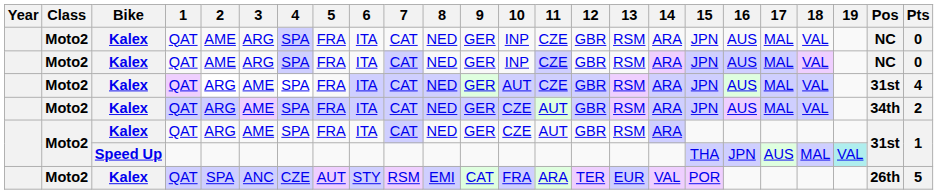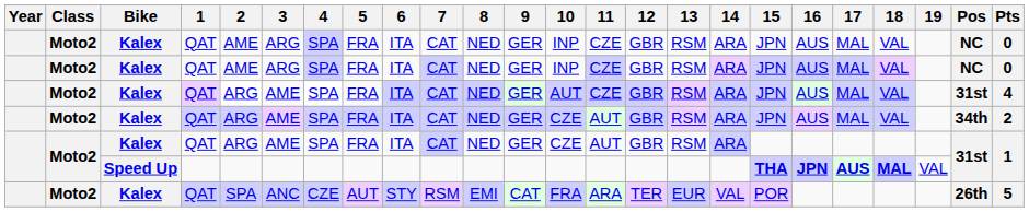 <table class="wikitable" style="text-align:center">
 <tr>
 <th>Year</th>
 <th>Class</th>
 <th>Bike</th>
 <th>1</th>
 <th>2</th>
 <th>3</th>
 <th>4</th>
 <th>5</th>
 <th>6</th>
 <th>7</th>
 <th>8</th>
 <th>9</th>
 <th>10</th>
 <th>11</th>
 <th>12</th>
 <th>13</th>
 <th>14</th>
 <th>15</th>
 <th>16</th>
 <th>17</th>
 <th>18</th>
 <th>19</th>
 <th>Pos</th>
 <th>Pts</th>
 </tr>
 <tr>
 <th></th>
 <th>Moto2</th>
 <th><a href='#'>Kalex</a></th>
 <td><a href='#'>QAT</a></td>
 <td><a href='#'>AME</a></td>
 <td><a href='#'>ARG</a></td>
 <td style="background:#CFCFFF;"><a href='#'>SPA</a><br></td>
 <td><a href='#'>FRA</a></td>
 <td><a href='#'>ITA</a></td>
 <td><a href='#'>CAT</a></td>
 <td><a href='#'>NED</a></td>
 <td><a href='#'>GER</a></td>
 <td><a href='#'>INP</a></td>
 <td><a href='#'>CZE</a></td>
 <td><a href='#'>GBR</a></td>
 <td><a href='#'>RSM</a></td>
 <td><a href='#'>ARA</a></td>
 <td><a href='#'>JPN</a></td>
 <td><a href='#'>AUS</a></td>
 <td><a href='#'>MAL</a></td>
 <td><a href='#'>VAL</a></td>
 <td></td>
 <th>NC</th>
 <th>0</th>
 </tr>
 <tr>
 <th></th>
 <th>Moto2</th>
 <th><a href='#'>Kalex</a></th>
 <td><a href='#'>QAT</a></td>
 <td><a href='#'>AME</a></td>
 <td><a href='#'>ARG</a></td>
 <td style="background:#CFCFFF;"><a href='#'>SPA</a><br></td>
 <td><a href='#'>FRA</a></td>
 <td><a href='#'>ITA</a></td>
 <td style="background:#CFCFFF;"><a href='#'>CAT</a><br></td>
 <td><a href='#'>NED</a></td>
 <td><a href='#'>GER</a></td>
 <td><a href='#'>INP</a></td>
 <td style="background:#CFCFFF;"><a href='#'>CZE</a><br></td>
 <td><a href='#'>GBR</a></td>
 <td><a href='#'>RSM</a></td>
 <td style="background:#efcfff;"><a href='#'>ARA</a><br></td>
 <td style="background:#CFCFFF;"><a href='#'>JPN</a><br></td>
 <td style="background:#CFCFFF;"><a href='#'>AUS</a><br></td>
 <td style="background:#CFCFFF;"><a href='#'>MAL</a><br></td>
 <td style="background:#efcfff;"><a href='#'>VAL</a><br></td>
 <td></td>
 <th>NC</th>
 <th>0</th>
 </tr>
 <tr>
 <th></th>
 <th>Moto2</th>
 <th><a href='#'>Kalex</a></th>
 <td style="background:#efcfff;"><a href='#'>QAT</a><br></td>
 <td style="background:#ffffff;"><a href='#'>ARG</a><br></td>
 <td><a href='#'>AME</a></td>
 <td style="background:#ffffff;"><a href='#'>SPA</a><br></td>
 <td><a href='#'>FRA</a></td>
 <td style="background:#CFCFFF;"><a href='#'>ITA</a><br></td>
 <td style="background:#CFCFFF;"><a href='#'>CAT</a><br></td>
 <td style="background:#CFCFFF;"><a href='#'>NED</a><br></td>
 <td style="background:#DFFFDF;"><a href='#'>GER</a><br></td>
 <td style="background:#CFCFFF;"><a href='#'>AUT</a><br></td>
 <td style="background:#CFCFFF;"><a href='#'>CZE</a><br></td>
 <td style="background:#CFCFFF;"><a href='#'>GBR</a><br></td>
 <td style="background:#efcfff;"><a href='#'>RSM</a><br></td>
 <td style="background:#CFCFFF;"><a href='#'>ARA</a><br></td>
 <td style="background:#cfcfff;"><a href='#'>JPN</a><br></td>
 <td style="background:#dfffdf;"><a href='#'>AUS</a><br></td>
 <td style="background:#CFCFFF;"><a href='#'>MAL</a><br></td>
 <td style="background:#CFCFFF;"><a href='#'>VAL</a><br></td>
 <td></td>
 <th>31st</th>
 <th>4</th>
 </tr>
 <tr>
 <th></th>
 <th>Moto2</th>
 <th><a href='#'>Kalex</a></th>
 <td style="background:#CFCFFF;"><a href='#'>QAT</a><br></td>
 <td style="background:#CFCFFF;"><a href='#'>ARG</a><br></td>
 <td style="background:#efcfff;"><a href='#'>AME</a><br></td>
 <td style="background:#CFCFFF;"><a href='#'>SPA</a><br></td>
 <td style="background:#CFCFFF;"><a href='#'>FRA</a><br></td>
 <td style="background:#CFCFFF;"><a href='#'>ITA</a><br></td>
 <td style="background:#CFCFFF;"><a href='#'>CAT</a><br></td>
 <td style="background:#CFCFFF;"><a href='#'>NED</a><br></td>
 <td style="background:#CFCFFF;"><a href='#'>GER</a><br></td>
 <td style="background:#CFCFFF;"><a href='#'>CZE</a><br></td>
 <td style="background:#DFFFDF;"><a href='#'>AUT</a><br></td>
 <td style="background:#CFCFFF;"><a href='#'>GBR</a><br></td>
 <td style="background:#efcfff;"><a href='#'>RSM</a><br></td>
 <td style="background:#CFCFFF;"><a href='#'>ARA</a><br></td>
 <td style="background:#CFCFFF;"><a href='#'>JPN</a><br></td>
 <td style="background:#efcfff;"><a href='#'>AUS</a><br></td>
 <td style="background:#CFCFFF;"><a href='#'>MAL</a><br></td>
 <td style="background:#CFCFFF;"><a href='#'>VAL</a><br></td>
 <td></td>
 <th>34th</th>
 <th>2</th>
 </tr>
 <tr>
 <th rowspan=2></th>
 <th rowspan=2>Moto2</th>
 <th><a href='#'>Kalex</a></th>
 <td><a href='#'>QAT</a></td>
 <td><a href='#'>ARG</a></td>
 <td><a href='#'>AME</a></td>
 <td><a href='#'>SPA</a></td>
 <td><a href='#'>FRA</a></td>
 <td><a href='#'>ITA</a></td>
 <td style="background:#CFCFFF;"><a href='#'>CAT</a><br></td>
 <td><a href='#'>NED</a></td>
 <td><a href='#'>GER</a></td>
 <td><a href='#'>CZE</a></td>
 <td><a href='#'>AUT</a></td>
 <td><a href='#'>GBR</a></td>
 <td><a href='#'>RSM</a></td>
 <td style="background:#CFCFFF;"><a href='#'>ARA</a><br></td>
 <td></td>
 <td></td>
 <td></td>
 <td></td>
 <td></td>
 <th rowspan=2>31st</th>
 <th rowspan=2>1</th>
 </tr>
 <tr>
 <th><a href='#'>Speed Up</a></th>
 <td></td>
 <td></td>
 <td></td>
 <td></td>
 <td></td>
 <td></td>
 <td></td>
 <td></td>
 <td></td>
 <td></td>
 <td></td>
 <td></td>
 <td></td>
 <td></td>
-<td style="background:#CFCFFF;"><a href='#'>THA</a><br></td>
-<td style="background:#CFCFFF;"><a href='#'>JPN</a><br></td>
-<td style="background:#DFFFDF;"><a href='#'>AUS</a><br></td>
-<td style="background:#CFCFFF;"><a href='#'>MAL</a><br></td>
-<td style="background: paleturquoise;"><a href='#'>VAL</a></td>
+<td style="background:#CFCFFF;"><strong><a href='#'>THA</a><br></strong></td>
+<td style="background:#CFCFFF;"><strong><a href='#'>JPN</a><br></strong></td>
+<td style="background:#DFFFDF;"><strong><a href='#'>AUS</a><br></strong></td>
+<td style="background:#CFCFFF;"><strong><a href='#'>MAL</a><br></strong></td>
+<td><a href='#'>VAL</a></td>
 </tr>
 <tr>
 <th></th>
 <th>Moto2</th>
 <th><a href='#'>Kalex</a></th>
 <td style="background:#cfcfff;"><a href='#'>QAT</a><br></td>
 <td style="background:#cfcfff;"><a href='#'>SPA</a><br></td>
 <td style="background:#cfcfff;"><a href='#'>ANC</a><br></td>
 <td style="background:#cfcfff;"><a href='#'>CZE</a><br></td>
 <td style="background:#efcfff;"><a href='#'>AUT</a><br></td>
 <td style="background:#cfcfff;"><a href='#'>STY</a><br></td>
 <td style="background:#efcfff;"><a href='#'>RSM</a><br></td>
 <td style="background:#cfcfff;"><a href='#'>EMI</a><br></td>
 <td style="background:#dfffdf;"><a href='#'>CAT</a><br></td>
 <td style="background:#cfcfff;"><a href='#'>FRA</a><br></td>
 <td style="background:#dfffdf;"><a href='#'>ARA</a><br></td>
 <td style="background:#efcfff;"><a href='#'>TER</a><br></td>
 <td style="background:#cfcfff;"><a href='#'>EUR</a><br></td>
 <td style="background:#efcfff;"><a href='#'>VAL</a><br></td>
 <td style="background:#efcfff;"><a href='#'>POR</a><br></td>
 <td></td>
 <td></td>
 <td></td>
 <td></td>
 <th>26th</th>
 <th>5</th>
 </tr>
 </table>
